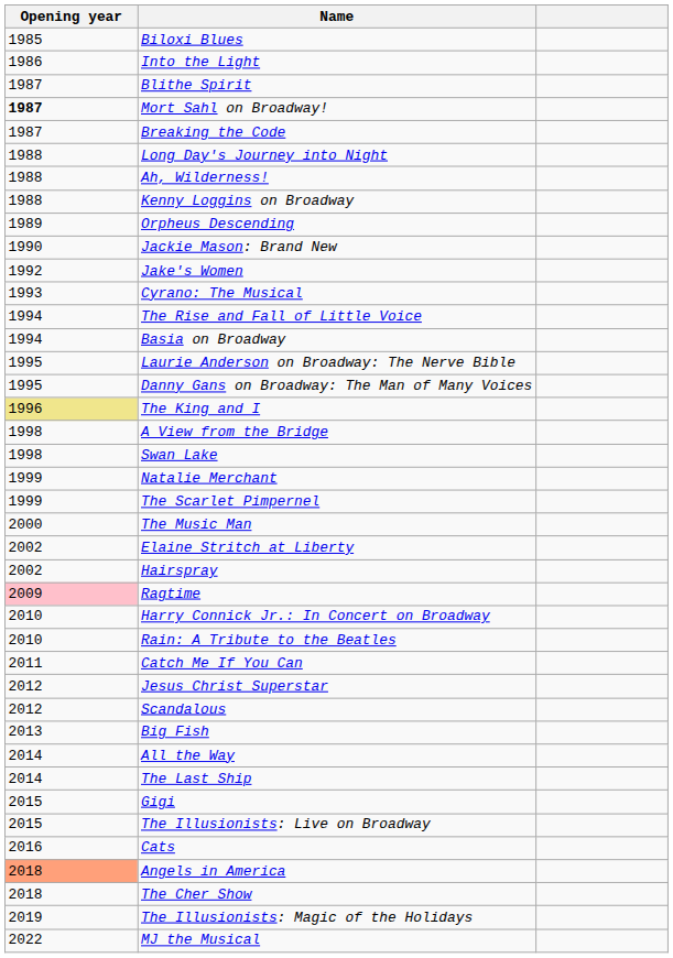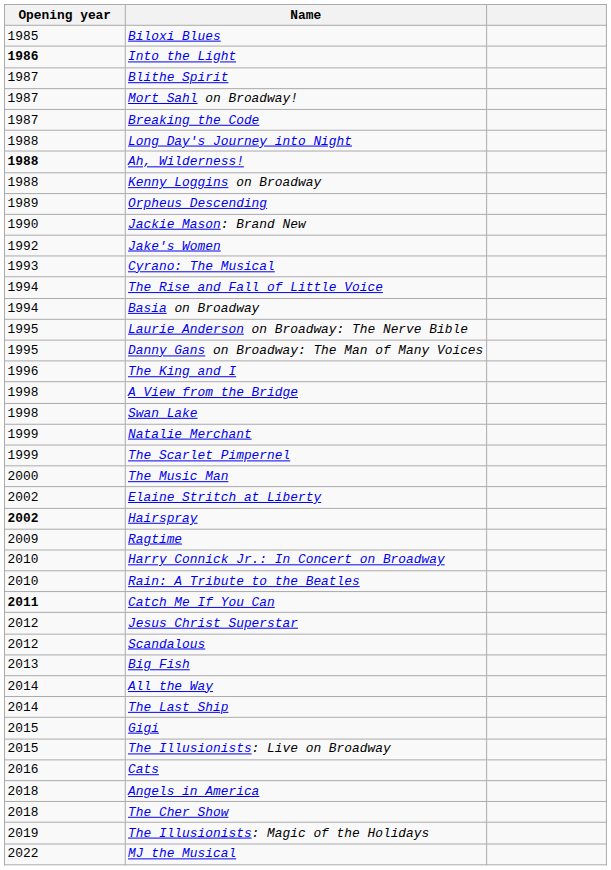 <table class="wikitable sortable collapsible">
 <tr>
 <th width=20% scope="col">Opening year</th>
 <th width=60% scope="col">Name</th>
 <th width=20% scope="col" class="unsortable"></th>
 </tr>
 <tr>
 <td>1985</td>
 <td><em><a href='#'>Biloxi Blues</a></em></td>
 <td></td>
 </tr>
 <tr>
-<td>1986</td>
+<td><strong>1986</strong></td>
 <td><em><a href='#'>Into the Light</a></em></td>
 <td></td>
 </tr>
 <tr>
 <td>1987</td>
 <td><em><a href='#'>Blithe Spirit</a></em></td>
 <td></td>
 </tr>
 <tr>
-<td><strong>1987</strong></td>
+<td>1987</td>
 <td><em><a href='#'>Mort Sahl</a> on Broadway!</em></td>
 <td></td>
 </tr>
 <tr>
 <td>1987</td>
 <td><em><a href='#'>Breaking the Code</a></em></td>
 <td></td>
 </tr>
 <tr>
 <td>1988</td>
 <td><em><a href='#'>Long Day's Journey into Night</a></em></td>
 <td></td>
 </tr>
 <tr>
-<td>1988</td>
+<td><strong>1988</strong></td>
 <td><em><a href='#'>Ah, Wilderness!</a></em></td>
 <td></td>
 </tr>
 <tr>
 <td>1988</td>
 <td><em><a href='#'>Kenny Loggins</a> on Broadway</em></td>
 <td></td>
 </tr>
 <tr>
 <td>1989</td>
 <td><em><a href='#'>Orpheus Descending</a></em></td>
 <td></td>
 </tr>
 <tr>
 <td>1990</td>
 <td><em><a href='#'>Jackie Mason</a>: Brand New</em></td>
 <td></td>
 </tr>
 <tr>
 <td>1992</td>
 <td><em><a href='#'>Jake's Women</a></em></td>
 <td></td>
 </tr>
 <tr>
 <td>1993</td>
 <td><em><a href='#'>Cyrano: The Musical</a></em></td>
 <td></td>
 </tr>
 <tr>
 <td>1994</td>
 <td><em><a href='#'>The Rise and Fall of Little Voice</a></em></td>
 <td></td>
 </tr>
 <tr>
 <td>1994</td>
 <td><em><a href='#'>Basia</a> on Broadway</em></td>
 <td></td>
 </tr>
 <tr>
 <td>1995</td>
 <td><em><a href='#'>Laurie Anderson</a> on Broadway: The Nerve Bible</em></td>
 <td></td>
 </tr>
 <tr>
 <td>1995</td>
 <td><em><a href='#'>Danny Gans</a> on Broadway: The Man of Many Voices</em></td>
 <td></td>
 </tr>
 <tr>
-<td style="background: khaki;">1996</td>
+<td>1996</td>
 <td><em><a href='#'>The King and I</a></em></td>
 <td></td>
 </tr>
 <tr>
 <td>1998</td>
 <td><em><a href='#'>A View from the Bridge</a></em></td>
 <td></td>
 </tr>
 <tr>
 <td>1998</td>
 <td><em><a href='#'>Swan Lake</a></em></td>
 <td></td>
 </tr>
 <tr>
 <td>1999</td>
 <td><em><a href='#'>Natalie Merchant</a></em></td>
 <td></td>
 </tr>
 <tr>
 <td>1999</td>
 <td><em><a href='#'>The Scarlet Pimpernel</a></em></td>
 <td></td>
 </tr>
 <tr>
 <td>2000</td>
 <td><em><a href='#'>The Music Man</a></em></td>
 <td></td>
 </tr>
 <tr>
 <td>2002</td>
 <td><em><a href='#'>Elaine Stritch at Liberty</a></em></td>
 <td></td>
 </tr>
 <tr>
-<td>2002</td>
+<td><strong>2002</strong></td>
 <td><em><a href='#'>Hairspray</a></em></td>
 <td></td>
 </tr>
 <tr>
-<td style="background: pink;">2009</td>
+<td>2009</td>
 <td><em><a href='#'>Ragtime</a></em></td>
 <td></td>
 </tr>
 <tr>
 <td>2010</td>
 <td><em><a href='#'>Harry Connick Jr.: In Concert on Broadway</a></em></td>
 <td></td>
 </tr>
 <tr>
 <td>2010</td>
 <td><em><a href='#'>Rain: A Tribute to the Beatles</a></em></td>
 <td></td>
 </tr>
 <tr>
-<td>2011</td>
+<td><strong>2011</strong></td>
 <td><em><a href='#'>Catch Me If You Can</a></em></td>
 <td></td>
 </tr>
 <tr>
 <td>2012</td>
 <td><em><a href='#'>Jesus Christ Superstar</a></em></td>
 <td></td>
 </tr>
 <tr>
 <td>2012</td>
 <td><em><a href='#'>Scandalous</a></em></td>
 <td></td>
 </tr>
 <tr>
 <td>2013</td>
 <td><em><a href='#'>Big Fish</a></em></td>
 <td></td>
 </tr>
 <tr>
 <td>2014</td>
 <td><em><a href='#'>All the Way</a></em></td>
 <td></td>
 </tr>
 <tr>
 <td>2014</td>
 <td><em><a href='#'>The Last Ship</a></em></td>
 <td></td>
 </tr>
 <tr>
 <td>2015</td>
 <td><em><a href='#'>Gigi</a></em></td>
 <td></td>
 </tr>
 <tr>
 <td>2015</td>
 <td><em><a href='#'>The Illusionists</a>: Live on Broadway</em></td>
 <td></td>
 </tr>
 <tr>
 <td>2016</td>
 <td><em><a href='#'>Cats</a></em></td>
 <td></td>
 </tr>
 <tr>
-<td style="background: lightsalmon;">2018</td>
+<td>2018</td>
 <td><em><a href='#'>Angels in America</a></em></td>
 <td></td>
 </tr>
 <tr>
 <td>2018</td>
 <td><em><a href='#'>The Cher Show</a></em></td>
 <td></td>
 </tr>
 <tr>
 <td>2019</td>
 <td><em><a href='#'>The Illusionists</a>: Magic of the Holidays</em></td>
 <td></td>
 </tr>
 <tr>
 <td>2022</td>
 <td><em><a href='#'>MJ the Musical</a></em></td>
 <td></td>
 </tr>
 </table>
